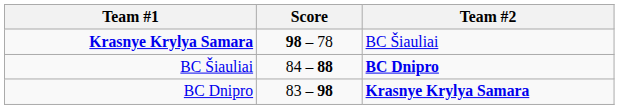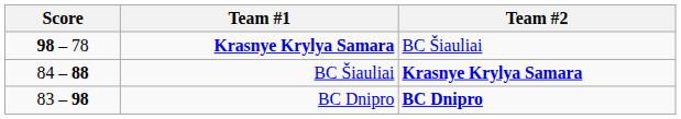 <table class=wikitable style="text-align:center">
 <tr>
+<th width=100>Score</th>
 <th width=250>Team #1</th>
-<th width=100>Score</th>
 <th width=250>Team #2</th>
 </tr>
 <tr>
+<td><strong>98</strong> – 78</td>
 <td align=right><strong><a href='#'>Krasnye Krylya Samara</a></strong> </td>
-<td><strong>98</strong> – 78</td>
 <td align=left> <a href='#'>BC Šiauliai</a></td>
 </tr>
 <tr>
+<td>84 – <strong>88</strong></td>
 <td align=right><a href='#'>BC Šiauliai</a> </td>
-<td>84 – <strong>88</strong></td>
+<td align=left> <strong><a href='#'>Krasnye Krylya Samara</a></strong></td>
+</tr>
+<tr>
+<td>83 – <strong>98</strong></td>
+<td align=right><a href='#'>BC Dnipro</a> </td>
 <td align=left> <strong><a href='#'>BC Dnipro</a></strong></td>
 </tr>
-<tr>
-<td align=right><a href='#'>BC Dnipro</a> </td>
-<td>83 – <strong>98</strong></td>
-<td align=left> <strong><a href='#'>Krasnye Krylya Samara</a></strong></td>
-</tr>
 </table>
